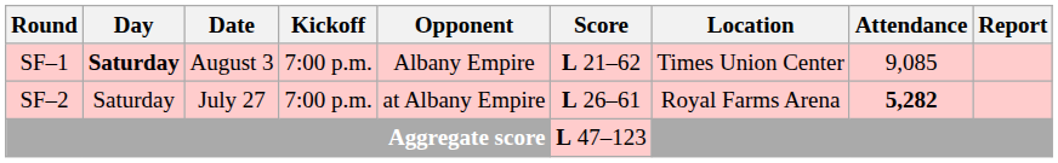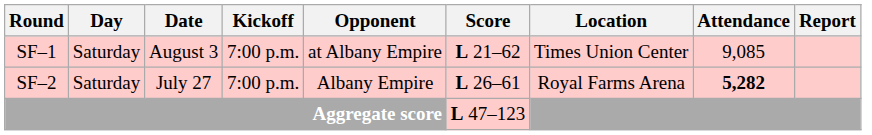 <table class="wikitable" style="text-align:center; font-size: 95%;">
 <tr>
 <th>Round</th>
 <th>Day</th>
 <th>Date</th>
 <th>Kickoff</th>
 <th>Opponent</th>
 <th>Score</th>
 <th>Location</th>
 <th>Attendance</th>
 <th>Report</th>
 </tr>
 <tr bgcolor="#ffcccc">
 <td>SF–1</td>
-<td><strong>Saturday</strong></td>
+<td>Saturday</td>
 <td>August 3</td>
 <td>7:00 p.m.</td>
-<td>Albany Empire</td>
+<td>at Albany Empire</td>
 <td><strong>L</strong> 21–62</td>
 <td>Times Union Center</td>
 <td>9,085</td>
 <td></td>
 </tr>
 <tr bgcolor="#ffcccc">
 <td>SF–2</td>
 <td>Saturday</td>
 <td>July 27</td>
 <td>7:00 p.m.</td>
-<td>at Albany Empire</td>
+<td>Albany Empire</td>
 <td><strong>L</strong> 26–61</td>
 <td>Royal Farms Arena</td>
 <td><strong>5,282</strong></td>
 <td></td>
 </tr>
 <tr>
 <td colspan=5 style="color:white; background:#aaaaaa; text-align:right"><strong>Aggregate score</strong></td>
 <td style="background:#ffcccc"><strong>L</strong> 47–123</td>
 <td colspan=3 style="background:#aaaaaa; color:white"></td>
 </tr>
 </table>
